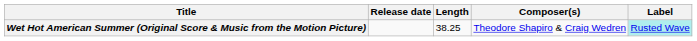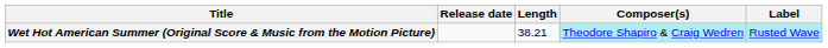 <table class="wikitable" style="text-align: center;">
 <tr>
 <th scope="col">Title</th>
 <th scope="col">Release date</th>
 <th scope="col">Length</th>
 <th scope="col">Composer(s)</th>
 <th scope="col">Label</th>
 </tr>
 <tr>
 <th scope="row" style="text-align: left;"><em>Wet Hot American Summer (Original Score & Music from the Motion Picture)</em></th>
 <td style="text-align: left;"></td>
-<td style="text-align: left;">38.25</td>
-<td><a href='#'>Theodore Shapiro</a> & <a href='#'>Craig Wedren</a></td>
+<td style="text-align: left;">38.21</td>
+<td style="background: paleturquoise;"><a href='#'>Theodore Shapiro</a> & <a href='#'>Craig Wedren</a></td>
 <td style="background: paleturquoise;"><a href='#'>Rusted Wave</a></td>
 </tr>
 </table>
